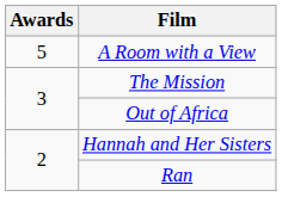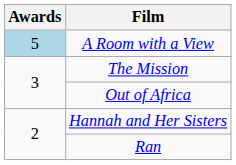 <table class="wikitable" style="text-align:center;">
 <tr>
 <th style="background:">Awards</th>
 <th style="background:">Film</th>
 </tr>
 <tr>
-<td>5</td>
+<td style="background: lightblue;">5</td>
 <td><em><a href='#'>A Room with a View</a></em></td>
 </tr>
 <tr>
 <td rowspan="2">3</td>
 <td><em><a href='#'>The Mission</a></em></td>
 </tr>
 <tr>
 <td><em><a href='#'>Out of Africa</a></em></td>
 </tr>
 <tr>
 <td rowspan="2">2</td>
 <td><em><a href='#'>Hannah and Her Sisters</a></em></td>
 </tr>
 <tr>
 <td><em><a href='#'>Ran</a></em></td>
 </tr>
 </table>
